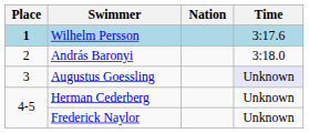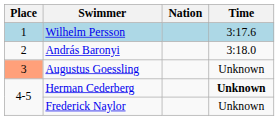 <table class=wikitable width=370>
 <tr>
 <th>Place</th>
 <th>Swimmer</th>
 <th>Nation</th>
 <th>Time</th>
 </tr>
 <tr bgcolor=lightblue>
-<td align=center><strong>1</strong></td>
+<td align=center>1</td>
 <td><a href='#'>Wilhelm Persson</a></td>
 <td></td>
 <td align=center>3:17.6</td>
 </tr>
 <tr>
 <td align=center>2</td>
 <td><a href='#'>András Baronyi</a></td>
 <td></td>
 <td align=center>3:18.0</td>
 </tr>
 <tr>
-<td align=center>3</td>
+<td align=center style="background: lightsalmon;">3</td>
 <td><a href='#'>Augustus Goessling</a></td>
 <td></td>
-<td align=center style="background: lavender;">Unknown</td>
+<td align=center>Unknown</td>
 </tr>
 <tr>
 <td align=center rowspan=2>4-5</td>
 <td><a href='#'>Herman Cederberg</a></td>
 <td></td>
-<td align=center>Unknown</td>
+<td align=center><strong>Unknown</strong></td>
 </tr>
 <tr>
 <td><a href='#'>Frederick Naylor</a></td>
 <td></td>
 <td align=center>Unknown</td>
 </tr>
 </table>
